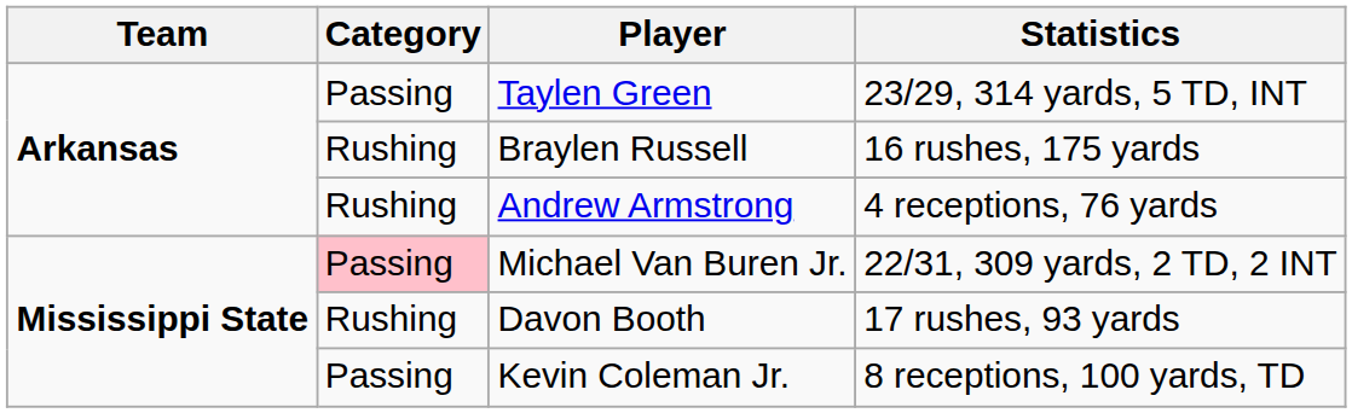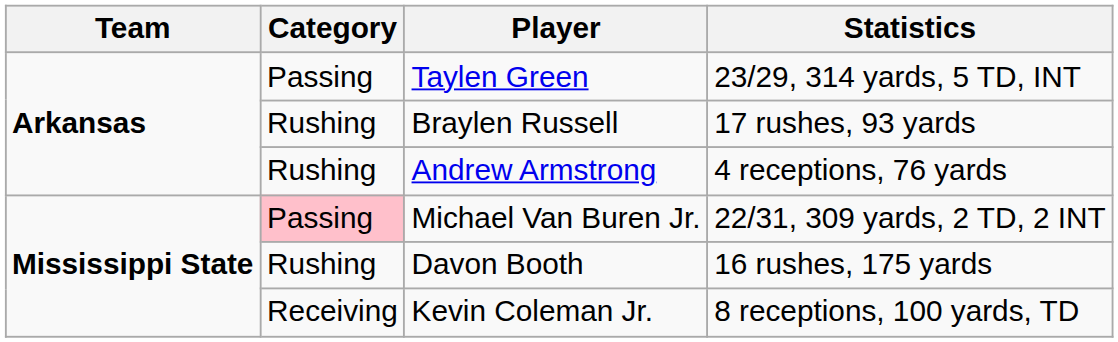 <table class="wikitable" style="float: right;">
 <tr>
 <th>Team</th>
 <th>Category</th>
 <th>Player</th>
 <th>Statistics</th>
 </tr>
 <tr>
 <td rowspan=3><strong>Arkansas</strong></td>
 <td>Passing</td>
 <td><a href='#'>Taylen Green</a></td>
 <td>23/29, 314 yards, 5 TD, INT</td>
 </tr>
 <tr>
 <td>Rushing</td>
 <td>Braylen Russell</td>
-<td>16 rushes, 175 yards</td>
+<td>17 rushes, 93 yards</td>
 </tr>
 <tr>
 <td>Rushing</td>
 <td><a href='#'>Andrew Armstrong</a></td>
 <td>4 receptions, 76 yards</td>
 </tr>
 <tr>
 <td rowspan=3><strong>Mississippi State</strong></td>
 <td style="background: pink;">Passing</td>
 <td>Michael Van Buren Jr.</td>
 <td>22/31, 309 yards, 2 TD, 2 INT</td>
 </tr>
 <tr>
 <td>Rushing</td>
 <td>Davon Booth</td>
-<td>17 rushes, 93 yards</td>
+<td>16 rushes, 175 yards</td>
 </tr>
 <tr>
-<td>Passing</td>
+<td>Receiving</td>
 <td>Kevin Coleman Jr.</td>
 <td>8 receptions, 100 yards, TD</td>
 </tr>
 </table>
